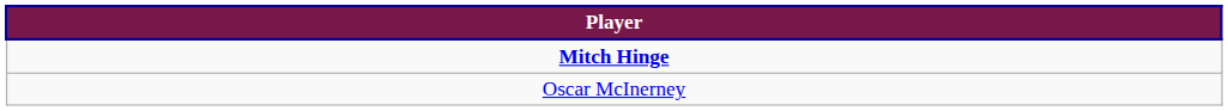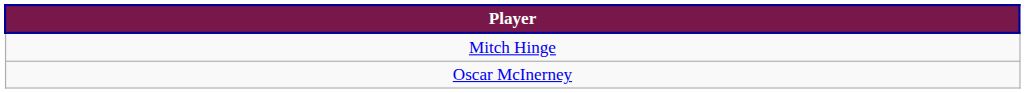 <table class="wikitable" style="text-align:center; font-size:100%; width:60%;">
 <tr style="color:#FDBE57;">
 <th style="background:#78184A; color:white; border: solid #000099 2px;">Player</th>
 </tr>
 <tr>
-<td><strong><a href='#'>Mitch Hinge</a></strong></td>
+<td><a href='#'>Mitch Hinge</a></td>
 </tr>
 <tr>
 <td><a href='#'>Oscar McInerney</a></td>
 </tr>
 </table>
